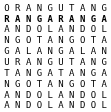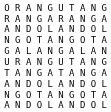 <table style="font-family: monospace; margin: 0 0 0 0; line-height:90%">
 <tr>
 <td style="padding-left: 2em;">O R A N G U T A N G</td>
 </tr>
 <tr>
-<td style="padding-left: 2em;"><strong>R A N G A R A N G A</strong></td>
+<td style="padding-left: 2em;">R A N G A R A N G A</td>
 </tr>
 <tr>
 <td style="padding-left: 2em;">A N D O L A N D O L</td>
 </tr>
 <tr>
 <td style="padding-left: 2em;">N G O T A N G O T A</td>
 </tr>
 <tr>
 <td style="padding-left: 2em;">G A L A N G A L A N</td>
 </tr>
 <tr>
 <td style="padding-left: 2em;">U R A N G U T A N G</td>
 </tr>
 <tr>
 <td style="padding-left: 2em;">T A N G A T A N G A</td>
 </tr>
 <tr>
+<td style="padding-left: 2em;">A N D O L A N D O L</td>
+</tr>
+<tr>
 <td style="padding-left: 2em;">N G O T A N G O T A</td>
 </tr>
 <tr>
 <td style="padding-left: 2em;">A N D O L A N D O L</td>
 </tr>
-<tr>
-<td style="padding-left: 2em;">A N D O L A N D O L</td>
-</tr>
 </table>
